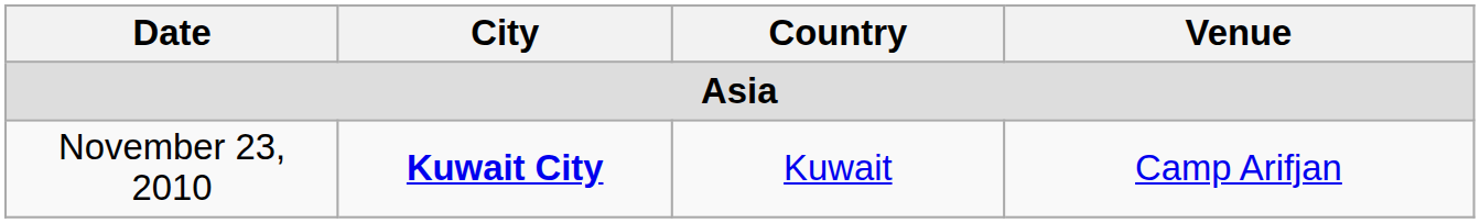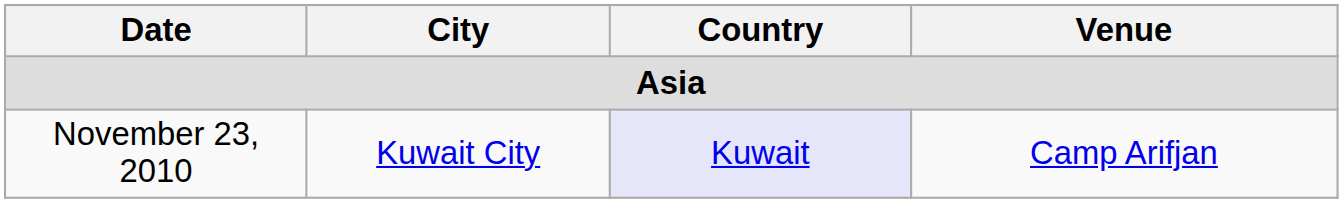 <table class="wikitable" style="text-align:center;">
 <tr>
 <th style="width:140px;">Date</th>
 <th style="width:140px;">City</th>
 <th style="width:140px;">Country</th>
 <th style="width:200px;">Venue</th>
 </tr>
 <tr style="background:#ddd;">
 <td colspan="4"><strong>Asia</strong></td>
 </tr>
 <tr>
 <td>November 23, 2010</td>
-<td><strong><a href='#'>Kuwait City</a></strong></td>
-<td><a href='#'>Kuwait</a></td>
+<td><a href='#'>Kuwait City</a></td>
+<td style="background: lavender;"><a href='#'>Kuwait</a></td>
 <td><a href='#'>Camp Arifjan</a></td>
 </tr>
 </table>
